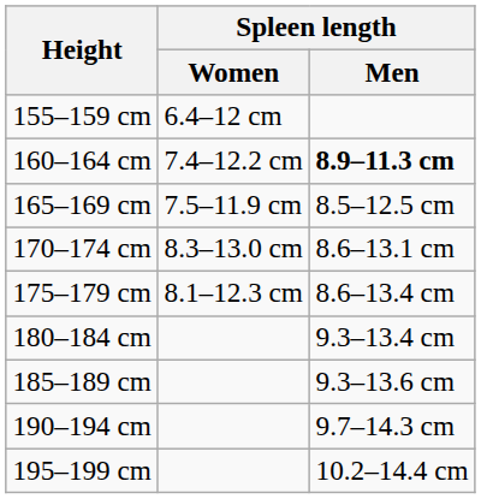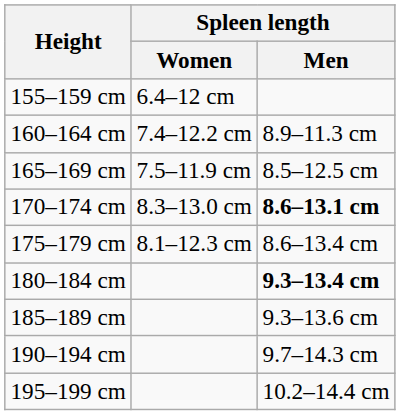 <table class="wikitable" style="float:right;">
 <tr>
 <th rowspan=2>Height</th>
 <th colspan=2>Spleen length</th>
 </tr>
 <tr>
 <th>Women</th>
 <th>Men</th>
 </tr>
 <tr>
 <td>155–159 cm</td>
 <td>6.4–12 cm</td>
 <td></td>
 </tr>
 <tr>
 <td>160–164 cm</td>
 <td>7.4–12.2 cm</td>
-<td><strong>8.9–11.3 cm</strong></td>
+<td>8.9–11.3 cm</td>
 </tr>
 <tr>
 <td>165–169 cm</td>
 <td>7.5–11.9 cm</td>
 <td>8.5–12.5 cm</td>
 </tr>
 <tr>
 <td>170–174 cm</td>
 <td>8.3–13.0 cm</td>
-<td>8.6–13.1 cm</td>
+<td><strong>8.6–13.1 cm</strong></td>
 </tr>
 <tr>
 <td>175–179 cm</td>
 <td>8.1–12.3 cm</td>
 <td>8.6–13.4 cm</td>
 </tr>
 <tr>
 <td>180–184 cm</td>
 <td></td>
-<td>9.3–13.4 cm</td>
+<td><strong>9.3–13.4 cm</strong></td>
 </tr>
 <tr>
 <td>185–189 cm</td>
 <td></td>
 <td>9.3–13.6 cm</td>
 </tr>
 <tr>
 <td>190–194 cm</td>
 <td></td>
 <td>9.7–14.3 cm</td>
 </tr>
 <tr>
 <td>195–199 cm</td>
 <td></td>
 <td>10.2–14.4 cm</td>
 </tr>
 </table>
